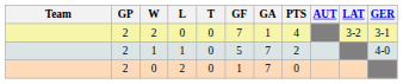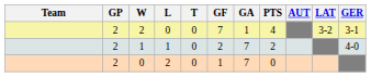 <table cellspacing="0" cellpadding="3" style="background-color: #f9f9f9; font-size: 90%; text-align: center"  class="wikitable">
 <tr>
 <th width=130>Team</th>
 <th width=30>GP</th>
 <th width=30>W</th>
 <th width=30>L</th>
 <th width=30>T</th>
 <th width=30>GF</th>
 <th width=30>GA</th>
 <th width=30>PTS</th>
 <th width=30><a href='#'>AUT</a></th>
 <th width=30><a href='#'>LAT</a></th>
 <th width=30><a href='#'>GER</a></th>
 </tr>
 <tr bgcolor="#F7F6A8">
 <td align=left><strong></strong></td>
 <td>2</td>
 <td>2</td>
 <td>0</td>
 <td>0</td>
 <td>7</td>
 <td>1</td>
 <td>4</td>
 <td bgcolor="#808080"></td>
 <td>3-2</td>
 <td>3-1</td>
 </tr>
 <tr bgcolor="#DCE5E5">
 <td align=left><strong></strong></td>
 <td>2</td>
 <td>1</td>
 <td>1</td>
 <td>0</td>
-<td>5</td>
+<td>2</td>
 <td>7</td>
 <td>2</td>
 <td></td>
 <td bgcolor="#808080"></td>
 <td>4-0</td>
 </tr>
 <tr bgcolor="#FFDAB9">
 <td align=left><strong></strong></td>
 <td>2</td>
 <td>0</td>
 <td>2</td>
 <td>0</td>
 <td>1</td>
 <td>7</td>
 <td>0</td>
 <td></td>
 <td></td>
 <td bgcolor="#808080"></td>
 </tr>
 </table>
